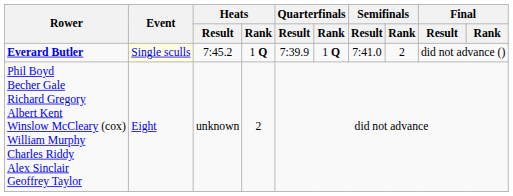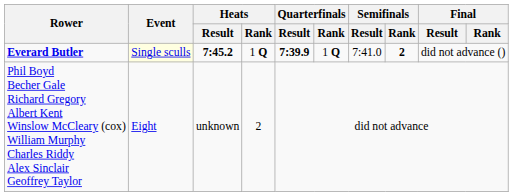 <table class=wikitable style="font-size:90%">
 <tr>
 <th rowspan=2>Rower</th>
 <th rowspan=2>Event</th>
 <th colspan=2>Heats</th>
 <th colspan=2>Quarterfinals</th>
 <th colspan=2>Semifinals</th>
 <th colspan=2>Final</th>
 </tr>
 <tr>
 <th>Result</th>
 <th>Rank</th>
 <th>Result</th>
 <th>Rank</th>
 <th>Result</th>
 <th>Rank</th>
 <th>Result</th>
 <th>Rank</th>
 </tr>
 <tr>
 <td><strong><a href='#'>Everard Butler</a></strong></td>
 <td style="background: lightyellow;"><a href='#'>Single sculls</a></td>
-<td align=center>7:45.2</td>
+<td align=center><strong>7:45.2</strong></td>
 <td align=center>1 <strong>Q</strong></td>
-<td align=center>7:39.9</td>
+<td align=center><strong>7:39.9</strong></td>
 <td align=center>1 <strong>Q</strong></td>
 <td align=center>7:41.0</td>
-<td align=center>2</td>
+<td align=center><strong>2</strong></td>
 <td align=center colspan=2>did not advance ()</td>
 </tr>
 <tr>
 <td><a href='#'>Phil Boyd</a> <br> <a href='#'>Becher Gale</a> <br> <a href='#'>Richard Gregory</a> <br> <a href='#'>Albert Kent</a> <br> <a href='#'>Winslow McCleary</a> (cox) <br> <a href='#'>William Murphy</a> <br> <a href='#'>Charles Riddy</a> <br> <a href='#'>Alex Sinclair</a> <br> <a href='#'>Geoffrey Taylor</a></td>
 <td><a href='#'>Eight</a></td>
 <td align=center>unknown</td>
 <td align=center>2</td>
 <td align=center colspan=6>did not advance</td>
 </tr>
 </table>
